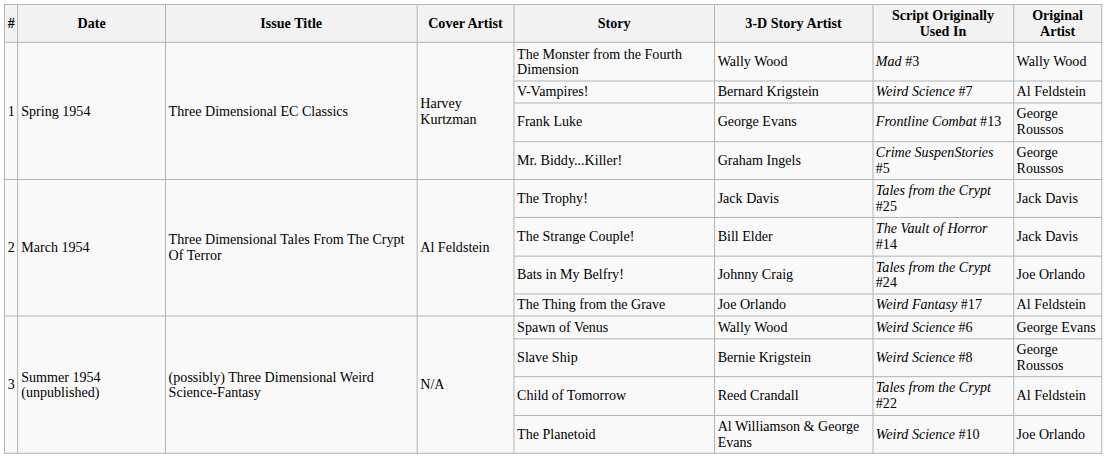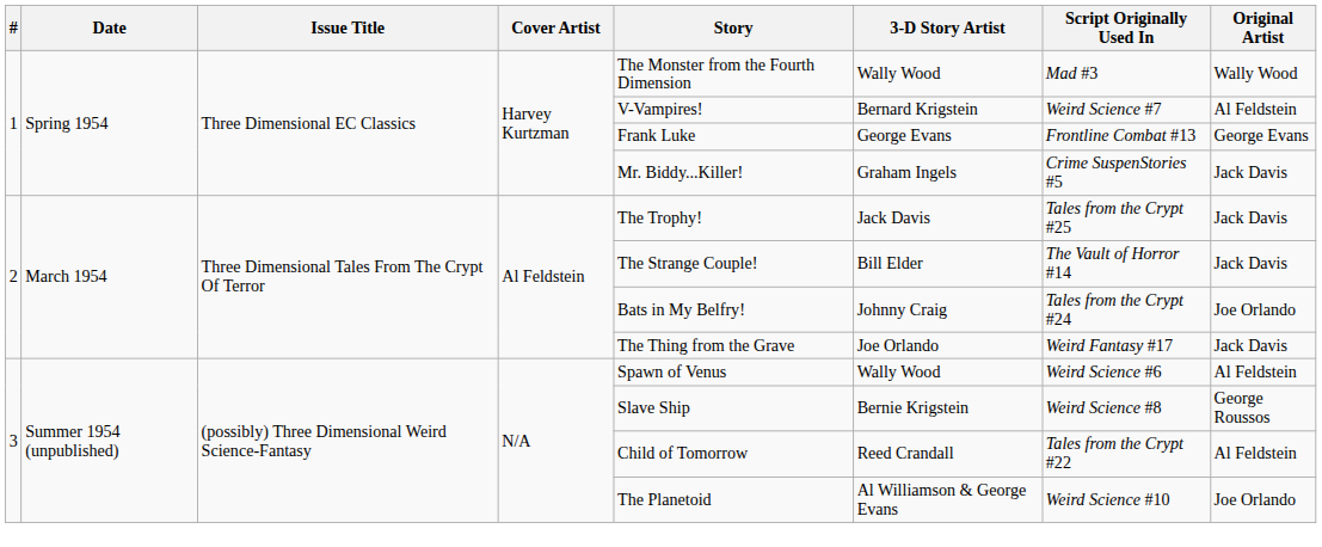 <table class="wikitable">
 <tr>
 <th>#</th>
 <th>Date</th>
 <th>Issue Title</th>
 <th>Cover Artist</th>
 <th>Story</th>
 <th>3-D Story Artist</th>
 <th>Script Originally Used In</th>
 <th>Original Artist</th>
 </tr>
 <tr>
 <td rowspan="4">1</td>
 <td rowspan="4">Spring 1954</td>
 <td rowspan="4">Three Dimensional EC Classics</td>
 <td rowspan="4">Harvey Kurtzman</td>
 <td>The Monster from the Fourth Dimension</td>
 <td>Wally Wood</td>
 <td><em>Mad</em> #3</td>
 <td>Wally Wood</td>
 </tr>
 <tr>
 <td>V-Vampires!</td>
 <td>Bernard Krigstein</td>
 <td><em>Weird Science</em> #7</td>
 <td>Al Feldstein</td>
 </tr>
 <tr>
 <td>Frank Luke</td>
 <td>George Evans</td>
 <td><em>Frontline Combat</em> #13</td>
-<td>George Roussos</td>
+<td>George Evans</td>
 </tr>
 <tr>
 <td>Mr. Biddy...Killer!</td>
 <td>Graham Ingels</td>
 <td><em>Crime SuspenStories</em> #5</td>
-<td>George Roussos</td>
+<td>Jack Davis</td>
 </tr>
 <tr>
 <td rowspan="4">2</td>
 <td rowspan="4">March 1954</td>
 <td rowspan="4">Three Dimensional Tales From The Crypt Of Terror</td>
 <td rowspan="4">Al Feldstein</td>
 <td>The Trophy!</td>
 <td>Jack Davis</td>
 <td><em>Tales from the Crypt</em> #25</td>
 <td>Jack Davis</td>
 </tr>
 <tr>
 <td>The Strange Couple!</td>
 <td>Bill Elder</td>
 <td><em>The Vault of Horror</em> #14</td>
 <td>Jack Davis</td>
 </tr>
 <tr>
 <td>Bats in My Belfry!</td>
 <td>Johnny Craig</td>
 <td><em>Tales from the Crypt</em> #24</td>
 <td>Joe Orlando</td>
 </tr>
 <tr>
 <td>The Thing from the Grave</td>
 <td>Joe Orlando</td>
 <td><em>Weird Fantasy</em> #17</td>
-<td>Al Feldstein</td>
+<td>Jack Davis</td>
 </tr>
 <tr>
 <td rowspan="4">3</td>
 <td rowspan="4">Summer 1954 (unpublished)</td>
 <td rowspan="4">(possibly) Three Dimensional Weird Science-Fantasy</td>
 <td rowspan="4">N/A</td>
 <td>Spawn of Venus</td>
 <td>Wally Wood</td>
 <td><em>Weird Science</em> #6</td>
-<td>George Evans</td>
+<td>Al Feldstein</td>
 </tr>
 <tr>
 <td>Slave Ship</td>
 <td>Bernie Krigstein</td>
 <td><em>Weird Science</em> #8</td>
 <td>George Roussos</td>
 </tr>
 <tr>
 <td>Child of Tomorrow</td>
 <td>Reed Crandall</td>
 <td><em>Tales from the Crypt</em> #22</td>
 <td>Al Feldstein</td>
 </tr>
 <tr>
 <td>The Planetoid</td>
 <td>Al Williamson & George Evans</td>
 <td><em>Weird Science</em> #10</td>
 <td>Joe Orlando</td>
 </tr>
 </table>
